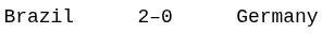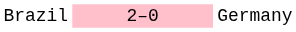 <table style="text-align:center">
 <tr>
 <th width=200></th>
 <th width=100></th>
 <th width=200></th>
 </tr>
 <tr>
 <td align=right>Brazil</td>
-<td>2–0</td>
+<td style="background: pink;">2–0</td>
 <td align=left>Germany</td>
 </tr>
 <tr>
 </tr>
 </table>
